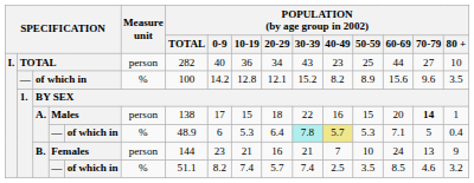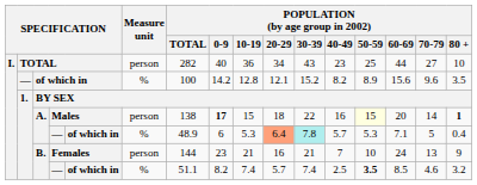 <table class="wikitable" style="font-size:85%; text-align:center">
 <tr>
 <th rowspan="2" colspan="5">SPECIFICATION</th>
 <th rowspan="2">Measure<br> unit</th>
 <th colspan="10" rowspan="1">POPULATION<br> (by age group in 2002)</th>
 </tr>
 <tr>
 <th>TOTAL</th>
 <th>0-9</th>
 <th>10-19</th>
 <th>20-29</th>
 <th>30-39</th>
 <th>40-49</th>
 <th>50-59</th>
 <th>60-69</th>
 <th>70-79</th>
 <th>80 +</th>
 </tr>
 <tr>
 <th style="text-align:left" valign="top" rowspan="7">I.</th>
 <th style="text-align:left" colspan="4">TOTAL</th>
 <td>person</td>
 <td>282</td>
 <td>40</td>
 <td>36</td>
 <td>34</td>
 <td>43</td>
 <td>23</td>
 <td>25</td>
 <td>44</td>
 <td>27</td>
 <td>10</td>
 </tr>
 <tr>
 <th style="text-align:left" valign="top">—</th>
 <th style="text-align:left" colspan="3">of which in</th>
 <td>%</td>
 <td>100</td>
 <td>14.2</td>
 <td>12.8</td>
 <td>12.1</td>
 <td>15.2</td>
 <td>8.2</td>
 <td>8.9</td>
 <td>15.6</td>
 <td>9.6</td>
 <td>3.5</td>
 </tr>
 <tr>
 <th style="text-align:left" valign="top" rowspan="5">1.</th>
 <th style="text-align:left" colspan="14">BY SEX</th>
 </tr>
 <tr>
 <th style="text-align:left" valign="top" rowspan="2">A.</th>
 <th style="text-align:left" colspan="2">Males</th>
 <td>person</td>
 <td>138</td>
-<td>17</td>
+<td><strong>17</strong></td>
 <td>15</td>
 <td>18</td>
 <td>22</td>
 <td>16</td>
-<td>15</td>
+<td style="background: lightyellow;">15</td>
 <td>20</td>
-<td><strong>14</strong></td>
-<td>1</td>
+<td>14</td>
+<td><strong>1</strong></td>
 </tr>
 <tr>
 <th style="text-align:left" valign="top">—</th>
 <th style="text-align:left" colspan="1">of which in</th>
 <td>%</td>
 <td>48.9</td>
 <td>6</td>
 <td>5.3</td>
-<td>6.4</td>
+<td style="background: lightsalmon;">6.4</td>
 <td style="background: paleturquoise;">7.8</td>
-<td style="background: khaki;">5.7</td>
+<td>5.7</td>
 <td>5.3</td>
 <td>7.1</td>
 <td>5</td>
 <td>0.4</td>
 </tr>
 <tr>
 <th style="text-align:left" valign="top" rowspan="2">B.</th>
 <th style="text-align:left" colspan="2">Females</th>
 <td>person</td>
 <td>144</td>
 <td>23</td>
 <td>21</td>
 <td>16</td>
 <td>21</td>
 <td>7</td>
 <td>10</td>
 <td>24</td>
 <td>13</td>
 <td>9</td>
 </tr>
 <tr>
 <th style="text-align:left" valign="top">—</th>
 <th style="text-align:left" colspan="1">of which in</th>
 <td>%</td>
 <td>51.1</td>
 <td>8.2</td>
 <td>7.4</td>
 <td>5.7</td>
 <td>7.4</td>
 <td>2.5</td>
-<td>3.5</td>
+<td><strong>3.5</strong></td>
 <td>8.5</td>
 <td>4.6</td>
 <td>3.2</td>
 </tr>
 </table>
